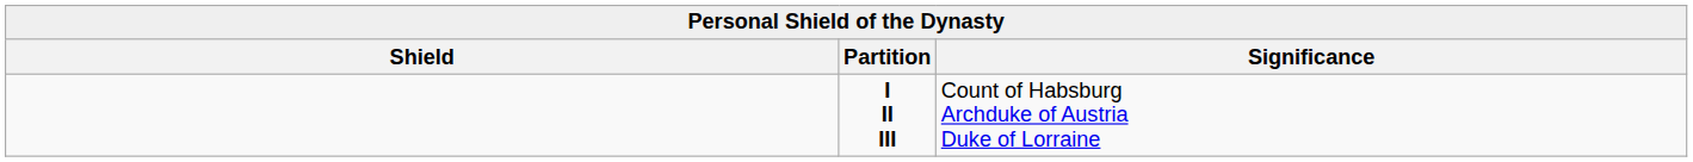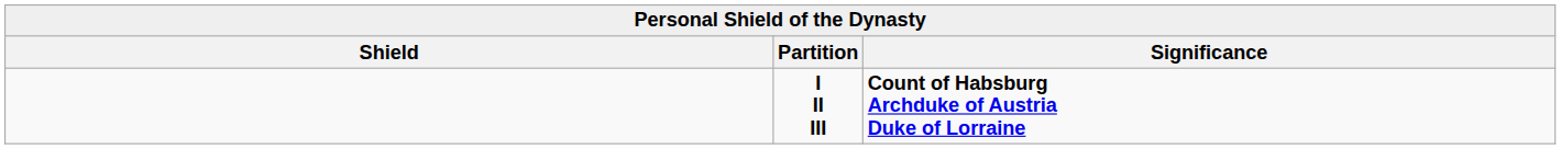 <table class="wikitable">
 <tr style="background:#efefef;">
 <td colspan="3" style="text-align: center;"><strong>Personal Shield of the Dynasty</strong></td>
 </tr>
 <tr>
 <th style="width:50%;">Shield</th>
 <th style="width:5%;">Partition</th>
 <th style="width:65%;">Significance</th>
 </tr>
 <tr>
 <td style="text-align: center;"></td>
 <td style="text-align: center;"><strong>I <br>II <br>III</strong></td>
-<td>Count of Habsburg<br><a href='#'>Archduke of Austria</a><br><a href='#'>Duke of Lorraine</a></td>
+<td><strong>Count of Habsburg<br><a href='#'>Archduke of Austria</a><br><a href='#'>Duke of Lorraine</a></strong></td>
 </tr>
 </table>
